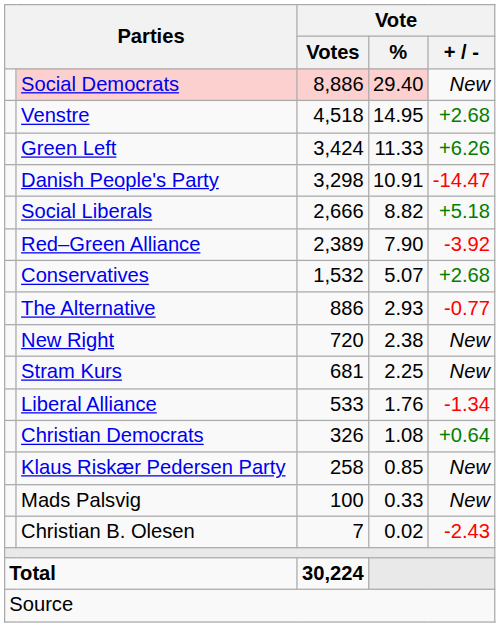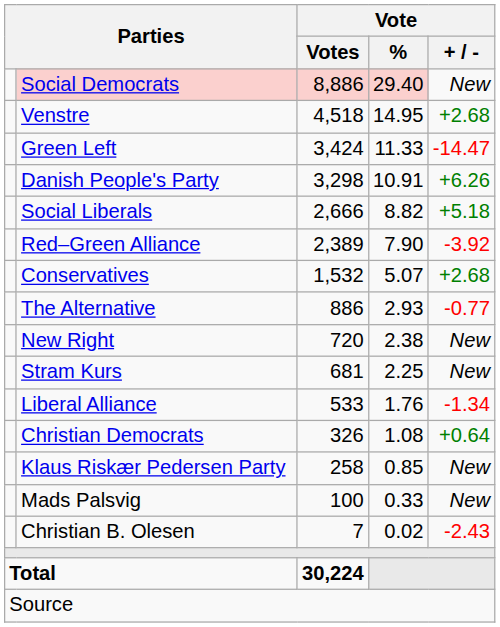 <table class="wikitable" style="text-align:right;">
 <tr>
 <th style="text-align:centre;" rowspan="2" colspan="2" width="225">Parties</th>
 <th colspan="3">Vote</th>
 </tr>
 <tr>
 <th width="15">Votes</th>
 <th width="15">%</th>
 <th width="15">+ / -</th>
 </tr>
 <tr>
 <td width="2" style="color:inherit;background:"></td>
 <td bgcolor=#fbd0ce  align="left"><a href='#'>Social Democrats</a></td>
 <td bgcolor=#fbd0ce>8,886</td>
 <td bgcolor=#fbd0ce>29.40</td>
 <td><em>New</em></td>
 </tr>
 <tr>
 <td width="2" style="color:inherit;background:"></td>
 <td align="left"><a href='#'>Venstre</a></td>
 <td>4,518</td>
 <td>14.95</td>
 <td style=color:green;>+2.68</td>
 </tr>
 <tr>
 <td width="2" style="color:inherit;background:"></td>
 <td align="left"><a href='#'>Green Left</a></td>
 <td>3,424</td>
 <td>11.33</td>
-<td style=color:green;>+6.26</td>
+<td style=color:red;>-14.47</td>
 </tr>
 <tr>
 <td width="2" style="color:inherit;background:"></td>
 <td align="left"><a href='#'>Danish People's Party</a></td>
 <td>3,298</td>
 <td>10.91</td>
-<td style=color:red;>-14.47</td>
+<td style=color:green;>+6.26</td>
 </tr>
 <tr>
 <td width="2" style="color:inherit;background:"></td>
 <td align="left"><a href='#'>Social Liberals</a></td>
 <td>2,666</td>
 <td>8.82</td>
 <td style=color:green;>+5.18</td>
 </tr>
 <tr>
 <td width="2" style="color:inherit;background:"></td>
 <td align="left"><a href='#'>Red–Green Alliance</a></td>
 <td>2,389</td>
 <td>7.90</td>
 <td style=color:red;>-3.92</td>
 </tr>
 <tr>
 <td width="2" style="color:inherit;background:"></td>
 <td align="left"><a href='#'>Conservatives</a></td>
 <td>1,532</td>
 <td>5.07</td>
 <td style=color:green;>+2.68</td>
 </tr>
 <tr>
 <td width="2" style="color:inherit;background:"></td>
 <td align="left"><a href='#'>The Alternative</a></td>
 <td>886</td>
 <td>2.93</td>
 <td style=color:red;>-0.77</td>
 </tr>
 <tr>
 <td width="2" style="color:inherit;background:"></td>
 <td align="left"><a href='#'>New Right</a></td>
 <td>720</td>
 <td>2.38</td>
 <td><em>New</em></td>
 </tr>
 <tr>
 <td width="2" style="color:inherit;background:"></td>
 <td align="left"><a href='#'>Stram Kurs</a></td>
 <td>681</td>
 <td>2.25</td>
 <td><em>New</em></td>
 </tr>
 <tr>
 <td width="2" style="color:inherit;background:"></td>
 <td align="left"><a href='#'>Liberal Alliance</a></td>
 <td>533</td>
 <td>1.76</td>
 <td style=color:red;>-1.34</td>
 </tr>
 <tr>
 <td width="2" style="color:inherit;background:"></td>
 <td align="left"><a href='#'>Christian Democrats</a></td>
 <td>326</td>
 <td>1.08</td>
 <td style=color:green;>+0.64</td>
 </tr>
 <tr>
 <td width="2" style="color:inherit;background:"></td>
 <td align="left"><a href='#'>Klaus Riskær Pedersen Party</a></td>
 <td>258</td>
 <td>0.85</td>
 <td><em>New</em></td>
 </tr>
 <tr>
 <td width="2" style="color:inherit;background:"></td>
 <td align="left">Mads Palsvig</td>
 <td>100</td>
 <td>0.33</td>
 <td><em>New</em></td>
 </tr>
 <tr>
 <td width="2" style="color:inherit;background:"></td>
 <td align="left">Christian B. Olesen</td>
 <td>7</td>
 <td>0.02</td>
 <td style=color:red;>-2.43</td>
 </tr>
 <tr>
 <td colspan="7" bgcolor="#E9E9E9"></td>
 </tr>
 <tr>
 <td align="left" colspan="2"><strong>Total</strong></td>
 <td><strong>30,224</strong></td>
 <td bgcolor="#E9E9E9" colspan="2"></td>
 </tr>
 <tr>
 <td align="left" colspan="6">Source</td>
 </tr>
 </table>
